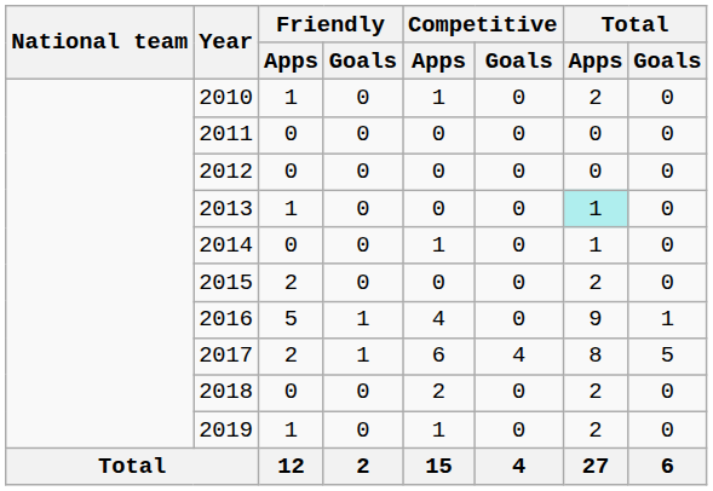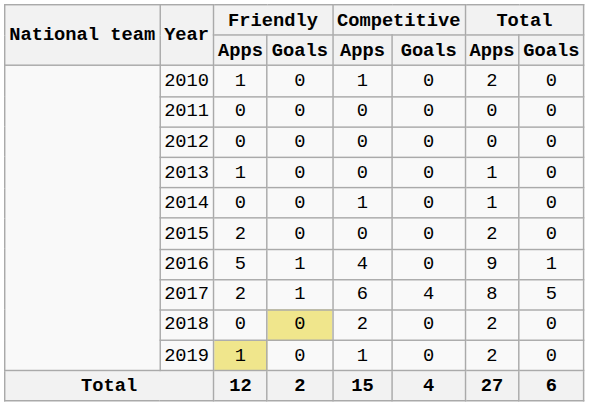 <table class="wikitable" style="text-align:center">
 <tr>
 <th rowspan="2">National team</th>
 <th rowspan="2">Year</th>
 <th colspan="2">Friendly</th>
 <th colspan="2">Competitive</th>
 <th colspan="3">Total</th>
 </tr>
 <tr>
 <th>Apps</th>
 <th>Goals</th>
 <th>Apps</th>
 <th>Goals</th>
 <th>Apps</th>
 <th>Goals</th>
 </tr>
 <tr>
 <td rowspan="10"></td>
 <td>2010</td>
 <td>1</td>
 <td>0</td>
 <td>1</td>
 <td>0</td>
 <td>2</td>
 <td>0</td>
 </tr>
 <tr>
 <td>2011</td>
 <td>0</td>
 <td>0</td>
 <td>0</td>
 <td>0</td>
 <td>0</td>
 <td>0</td>
 </tr>
 <tr>
 <td>2012</td>
 <td>0</td>
 <td>0</td>
 <td>0</td>
 <td>0</td>
 <td>0</td>
 <td>0</td>
 </tr>
 <tr>
 <td>2013</td>
 <td>1</td>
 <td>0</td>
 <td>0</td>
 <td>0</td>
-<td style="background: paleturquoise;">1</td>
+<td>1</td>
 <td>0</td>
 </tr>
 <tr>
 <td>2014</td>
 <td>0</td>
 <td>0</td>
 <td>1</td>
 <td>0</td>
 <td>1</td>
 <td>0</td>
 </tr>
 <tr>
 <td>2015</td>
 <td>2</td>
 <td>0</td>
 <td>0</td>
 <td>0</td>
 <td>2</td>
 <td>0</td>
 </tr>
 <tr>
 <td>2016</td>
 <td>5</td>
 <td>1</td>
 <td>4</td>
 <td>0</td>
 <td>9</td>
 <td>1</td>
 </tr>
 <tr>
 <td>2017</td>
 <td>2</td>
 <td>1</td>
 <td>6</td>
 <td>4</td>
 <td>8</td>
 <td>5</td>
 </tr>
 <tr>
 <td>2018</td>
 <td>0</td>
-<td>0</td>
+<td style="background: khaki;">0</td>
 <td>2</td>
 <td>0</td>
 <td>2</td>
 <td>0</td>
 </tr>
 <tr>
 <td>2019</td>
-<td>1</td>
+<td style="background: khaki;">1</td>
 <td>0</td>
 <td>1</td>
 <td>0</td>
 <td>2</td>
 <td>0</td>
 </tr>
 <tr>
 <th colspan="2">Total</th>
 <th>12</th>
 <th>2</th>
 <th>15</th>
 <th>4</th>
 <th>27</th>
 <th>6</th>
 </tr>
 </table>
